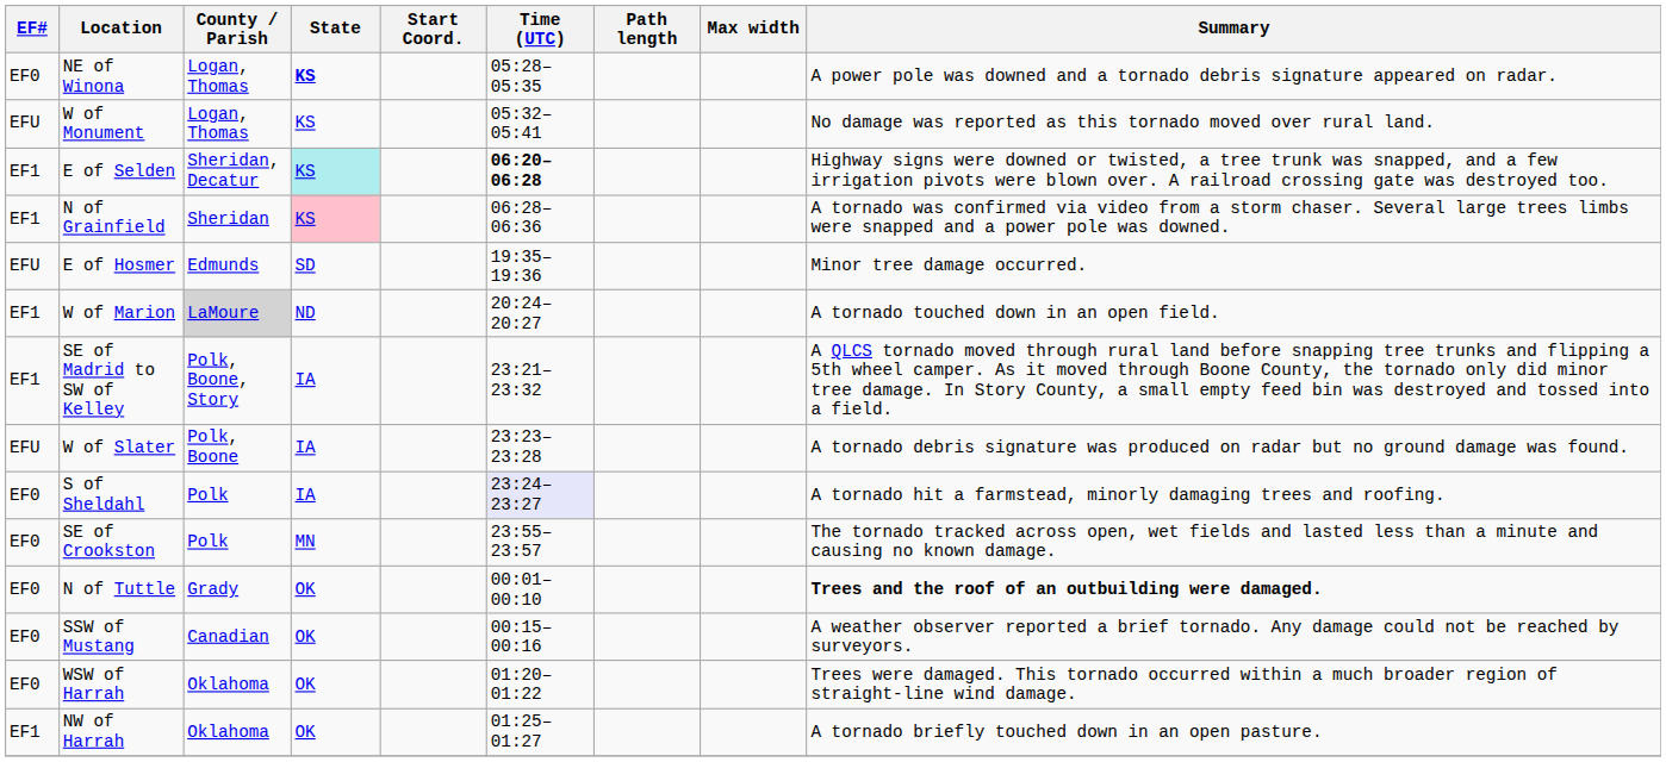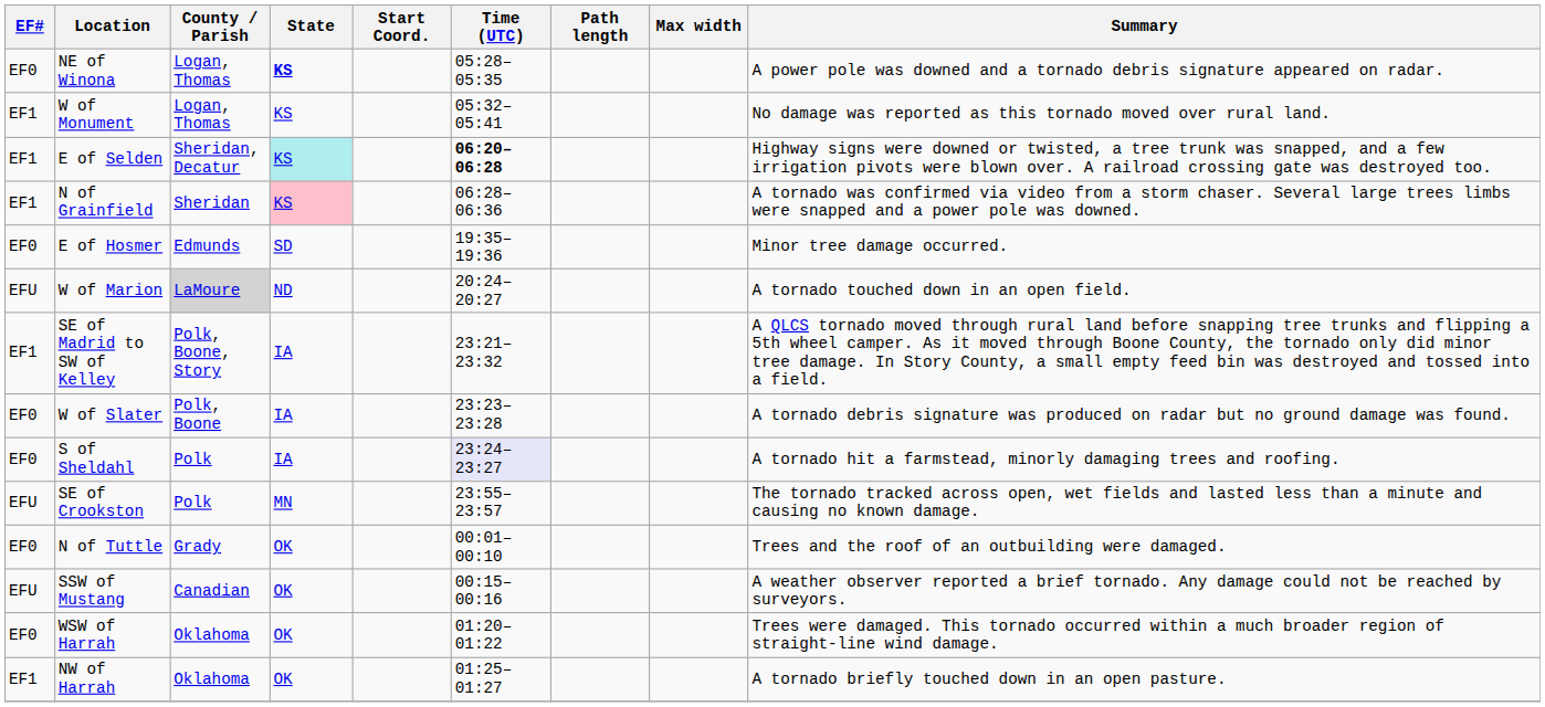 <table class="wikitable sortable" style="width:100%;">
 <tr>
 <th scope="col"  style="width:3%; text-align:center;"><a href='#'>EF#</a></th>
 <th scope="col"  style="width:7%; text-align:center;" class="unsortable">Location</th>
 <th scope="col"  style="width:6%; text-align:center;" class="unsortable">County / Parish</th>
 <th scope="col"  style="width:5%; text-align:center;">State</th>
 <th scope="col"  style="width:6%; text-align:center;">Start Coord.</th>
 <th scope="col"  style="width:6%; text-align:center;">Time (<a href='#'>UTC</a>)</th>
 <th scope="col"  style="width:6%; text-align:center;">Path length</th>
 <th scope="col"  style="width:6%; text-align:center;">Max width</th>
 <th scope="col" class="unsortable" style="width:48%; text-align:center;">Summary</th>
 </tr>
 <tr>
 <td>EF0</td>
 <td>NE of <a href='#'>Winona</a></td>
 <td><a href='#'>Logan</a>, <a href='#'>Thomas</a></td>
 <td><strong><a href='#'>KS</a></strong></td>
 <td></td>
 <td>05:28–05:35</td>
 <td></td>
 <td></td>
 <td>A power pole was downed and a tornado debris signature appeared on radar.</td>
 </tr>
 <tr>
-<td>EFU</td>
+<td>EF1</td>
 <td>W of <a href='#'>Monument</a></td>
 <td><a href='#'>Logan</a>, <a href='#'>Thomas</a></td>
 <td><a href='#'>KS</a></td>
 <td></td>
 <td>05:32–05:41</td>
 <td></td>
 <td></td>
 <td>No damage was reported as this tornado moved over rural land.</td>
 </tr>
 <tr>
 <td>EF1</td>
 <td>E of <a href='#'>Selden</a></td>
 <td><a href='#'>Sheridan</a>, <a href='#'>Decatur</a></td>
 <td style="background: paleturquoise;"><a href='#'>KS</a></td>
 <td></td>
 <td><strong>06:20–06:28</strong></td>
 <td></td>
 <td></td>
 <td>Highway signs were downed or twisted, a tree trunk was snapped, and a few irrigation pivots were blown over. A railroad crossing gate was destroyed too.</td>
 </tr>
 <tr>
 <td>EF1</td>
 <td>N of <a href='#'>Grainfield</a></td>
 <td><a href='#'>Sheridan</a></td>
 <td style="background: pink;"><a href='#'>KS</a></td>
 <td></td>
 <td>06:28–06:36</td>
 <td></td>
 <td></td>
 <td>A tornado was confirmed via video from a storm chaser. Several large trees limbs were snapped and a power pole was downed.</td>
 </tr>
 <tr>
-<td>EFU</td>
+<td>EF0</td>
 <td>E of <a href='#'>Hosmer</a></td>
 <td><a href='#'>Edmunds</a></td>
 <td><a href='#'>SD</a></td>
 <td></td>
 <td>19:35–19:36</td>
 <td></td>
 <td></td>
 <td>Minor tree damage occurred.</td>
 </tr>
 <tr>
-<td>EF1</td>
+<td>EFU</td>
 <td>W of <a href='#'>Marion</a></td>
 <td style="background: lightgrey;"><a href='#'>LaMoure</a></td>
 <td><a href='#'>ND</a></td>
 <td></td>
 <td>20:24–20:27</td>
 <td></td>
 <td></td>
 <td>A tornado touched down in an open field.</td>
 </tr>
 <tr>
 <td>EF1</td>
 <td>SE of <a href='#'>Madrid</a> to SW of <a href='#'>Kelley</a></td>
 <td><a href='#'>Polk</a>, <a href='#'>Boone</a>, <a href='#'>Story</a></td>
 <td><a href='#'>IA</a></td>
 <td></td>
 <td>23:21–23:32</td>
 <td></td>
 <td></td>
 <td>A <a href='#'>QLCS</a> tornado moved through rural land before snapping tree trunks and flipping a 5th wheel camper. As it moved through Boone County, the tornado only did minor tree damage. In Story County, a small empty feed bin was destroyed and tossed into a field.</td>
 </tr>
 <tr>
-<td>EFU</td>
+<td>EF0</td>
 <td>W of <a href='#'>Slater</a></td>
 <td><a href='#'>Polk</a>, <a href='#'>Boone</a></td>
 <td><a href='#'>IA</a></td>
 <td></td>
 <td>23:23–23:28</td>
 <td></td>
 <td></td>
 <td>A tornado debris signature was produced on radar but no ground damage was found.</td>
 </tr>
 <tr>
 <td>EF0</td>
 <td>S of <a href='#'>Sheldahl</a></td>
 <td><a href='#'>Polk</a></td>
 <td><a href='#'>IA</a></td>
 <td></td>
 <td style="background: lavender;">23:24–23:27</td>
 <td></td>
 <td></td>
 <td>A tornado hit a farmstead, minorly damaging trees and roofing.</td>
 </tr>
 <tr>
-<td>EF0</td>
+<td>EFU</td>
 <td>SE of <a href='#'>Crookston</a></td>
 <td><a href='#'>Polk</a></td>
 <td><a href='#'>MN</a></td>
 <td></td>
 <td>23:55–23:57</td>
 <td></td>
 <td></td>
 <td>The tornado tracked across open, wet fields and lasted less than a minute and causing no known damage.</td>
 </tr>
 <tr>
 <td>EF0</td>
 <td>N of <a href='#'>Tuttle</a></td>
 <td><a href='#'>Grady</a></td>
 <td><a href='#'>OK</a></td>
 <td></td>
 <td>00:01–00:10</td>
 <td></td>
 <td></td>
-<td><strong>Trees and the roof of an outbuilding were damaged.</strong></td>
+<td>Trees and the roof of an outbuilding were damaged.</td>
 </tr>
 <tr>
-<td>EF0</td>
+<td>EFU</td>
 <td>SSW of <a href='#'>Mustang</a></td>
 <td><a href='#'>Canadian</a></td>
 <td><a href='#'>OK</a></td>
 <td></td>
 <td>00:15–00:16</td>
 <td></td>
 <td></td>
 <td>A weather observer reported a brief tornado. Any damage could not be reached by surveyors.</td>
 </tr>
 <tr>
 <td>EF0</td>
 <td>WSW of <a href='#'>Harrah</a></td>
 <td><a href='#'>Oklahoma</a></td>
 <td><a href='#'>OK</a></td>
 <td></td>
 <td>01:20–01:22</td>
 <td></td>
 <td></td>
 <td>Trees were damaged. This tornado occurred within a much broader region of straight-line wind damage.</td>
 </tr>
 <tr>
 <td>EF1</td>
 <td>NW of <a href='#'>Harrah</a></td>
 <td><a href='#'>Oklahoma</a></td>
 <td><a href='#'>OK</a></td>
 <td></td>
 <td>01:25–01:27</td>
 <td></td>
 <td></td>
 <td>A tornado briefly touched down in an open pasture.</td>
 </tr>
 <tr>
 </tr>
 </table>
